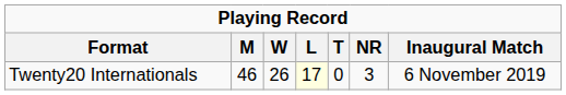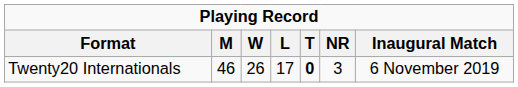 <table class="wikitable" style="text-align: center; width: 500px;">
 <tr>
 <td colspan=7 align="center"><strong>Playing Record</strong></td>
 </tr>
 <tr>
 <th>Format</th>
 <th>M</th>
 <th>W</th>
 <th>L</th>
 <th>T</th>
 <th>NR</th>
 <th>Inaugural Match</th>
 </tr>
 <tr>
 <td align="left">Twenty20 Internationals</td>
 <td>46</td>
 <td>26</td>
-<td style="background: lightyellow;">17</td>
-<td>0</td>
+<td>17</td>
+<td><strong>0</strong></td>
 <td>3</td>
 <td>6 November 2019</td>
 </tr>
 </table>
